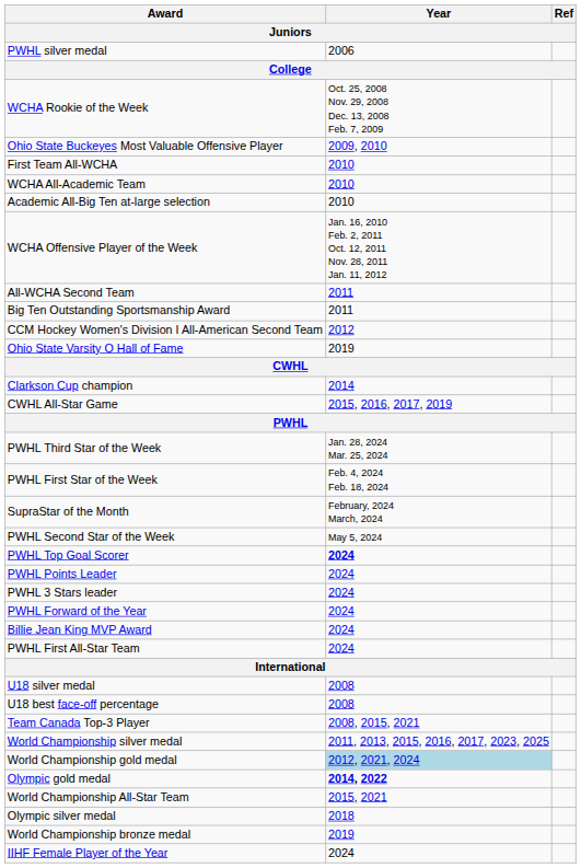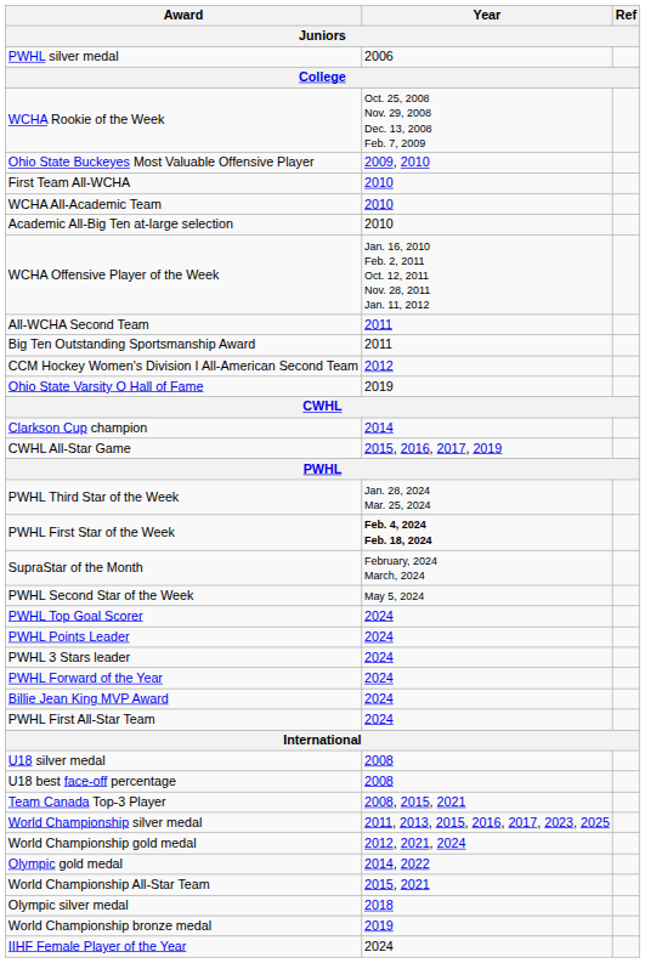 <table class="wikitable">
 <tr>
 <th scope="col">Award</th>
 <th scope="col">Year</th>
 <th>Ref</th>
 </tr>
 <tr>
 <th colspan="3">Juniors</th>
 </tr>
 <tr>
 <td><a href='#'>PWHL</a> silver medal</td>
 <td>2006</td>
 <td></td>
 </tr>
 <tr>
 <th colspan="3"><a href='#'>College</a></th>
 </tr>
 <tr>
 <td><a href='#'>WCHA</a> Rookie of the Week</td>
 <td><small>Oct. 25, 2008<br>Nov. 29, 2008<br>Dec. 13, 2008<br>Feb. 7, 2009</small></td>
 <td></td>
 </tr>
 <tr>
 <td><a href='#'>Ohio State Buckeyes</a> Most Valuable Offensive Player</td>
 <td><a href='#'>2009</a>, <a href='#'>2010</a></td>
 <td></td>
 </tr>
 <tr>
 <td>First Team All-WCHA</td>
 <td><a href='#'>2010</a></td>
 <td></td>
 </tr>
 <tr>
 <td>WCHA All-Academic Team</td>
 <td><a href='#'>2010</a></td>
 <td></td>
 </tr>
 <tr>
 <td>Academic All-Big Ten at-large selection</td>
 <td>2010</td>
 <td></td>
 </tr>
 <tr>
 <td>WCHA Offensive Player of the Week</td>
 <td><small>Jan. 16, 2010<br> Feb. 2, 2011<br>Oct. 12, 2011<br>Nov. 28, 2011<br>Jan. 11, 2012</small></td>
 <td><br><br><br><br></td>
 </tr>
 <tr>
 <td>All-WCHA Second Team</td>
 <td><a href='#'>2011</a></td>
 <td></td>
 </tr>
 <tr>
 <td>Big Ten Outstanding Sportsmanship Award</td>
 <td>2011</td>
 <td></td>
 </tr>
 <tr>
 <td>CCM Hockey Women's Division I All-American Second Team</td>
 <td><a href='#'>2012</a></td>
 <td></td>
 </tr>
 <tr>
 <td><a href='#'>Ohio State Varsity O Hall of Fame</a></td>
 <td>2019</td>
 <td></td>
 </tr>
 <tr>
 <th colspan="3"><a href='#'>CWHL</a></th>
 </tr>
 <tr>
 <td><a href='#'>Clarkson Cup</a> champion</td>
 <td><a href='#'>2014</a></td>
 <td></td>
 </tr>
 <tr>
 <td>CWHL All-Star Game</td>
 <td><a href='#'>2015</a>, <a href='#'>2016</a>, <a href='#'>2017</a>, <a href='#'>2019</a></td>
 <td></td>
 </tr>
 <tr>
 <th colspan="3"><a href='#'>PWHL</a></th>
 </tr>
 <tr>
 <td>PWHL Third Star of the Week</td>
 <td><small>Jan. 28, 2024<br>Mar. 25, 2024</small></td>
 <td><br></td>
 </tr>
 <tr>
 <td>PWHL First Star of the Week</td>
-<td><small>Feb. 4, 2024<br>Feb. 18, 2024</small></td>
+<td><strong><small>Feb. 4, 2024<br>Feb. 18, 2024</small></strong></td>
 <td><br></td>
 </tr>
 <tr>
 <td>SupraStar of the Month</td>
 <td><small>February, 2024<br>March, 2024</small></td>
 <td><br></td>
 </tr>
 <tr>
 <td>PWHL Second Star of the Week</td>
 <td><small>May 5, 2024</small></td>
 <td></td>
 </tr>
 <tr>
 <td><a href='#'>PWHL Top Goal Scorer</a></td>
-<td><strong><a href='#'>2024</a></strong></td>
+<td><a href='#'>2024</a></td>
 <td></td>
 </tr>
 <tr>
 <td><a href='#'>PWHL Points Leader</a></td>
 <td><a href='#'>2024</a></td>
 <td></td>
 </tr>
 <tr>
 <td>PWHL 3 Stars leader</td>
 <td><a href='#'>2024</a></td>
 <td></td>
 </tr>
 <tr>
 <td><a href='#'>PWHL Forward of the Year</a></td>
 <td><a href='#'>2024</a></td>
 <td></td>
 </tr>
 <tr>
 <td><a href='#'>Billie Jean King MVP Award</a></td>
 <td><a href='#'>2024</a></td>
 <td></td>
 </tr>
 <tr>
 <td>PWHL First All-Star Team</td>
 <td><a href='#'>2024</a></td>
 <td></td>
 </tr>
 <tr>
 <th colspan="3">International</th>
 </tr>
 <tr>
 <td><a href='#'>U18</a> silver medal</td>
 <td><a href='#'>2008</a></td>
 <td></td>
 </tr>
 <tr>
 <td>U18 best <a href='#'>face-off</a> percentage</td>
 <td><a href='#'>2008</a></td>
 <td></td>
 </tr>
 <tr>
 <td><a href='#'>Team Canada</a> Top-3 Player</td>
 <td><a href='#'>2008</a>, <a href='#'>2015</a>, <a href='#'>2021</a></td>
 <td></td>
 </tr>
 <tr>
 <td><a href='#'>World Championship</a> silver medal</td>
 <td><a href='#'>2011</a>, <a href='#'>2013</a>, <a href='#'>2015</a>, <a href='#'>2016</a>, <a href='#'>2017</a>, <a href='#'>2023</a>, <a href='#'>2025</a></td>
 <td></td>
 </tr>
 <tr>
 <td>World Championship gold medal</td>
-<td style="background: lightblue;"><a href='#'>2012</a>, <a href='#'>2021</a>, <a href='#'>2024</a></td>
+<td><a href='#'>2012</a>, <a href='#'>2021</a>, <a href='#'>2024</a></td>
 <td></td>
 </tr>
 <tr>
 <td><a href='#'>Olympic</a> gold medal</td>
-<td><strong><a href='#'>2014</a>, <a href='#'>2022</a></strong></td>
+<td><a href='#'>2014</a>, <a href='#'>2022</a></td>
 <td></td>
 </tr>
 <tr>
 <td>World Championship All-Star Team</td>
 <td><a href='#'>2015</a>, <a href='#'>2021</a></td>
 <td></td>
 </tr>
 <tr>
 <td>Olympic silver medal</td>
 <td><a href='#'>2018</a></td>
 <td></td>
 </tr>
 <tr>
 <td>World Championship bronze medal</td>
 <td><a href='#'>2019</a></td>
 <td></td>
 </tr>
 <tr>
 <td><a href='#'>IIHF Female Player of the Year</a></td>
 <td>2024</td>
 <td></td>
 </tr>
 </table>
